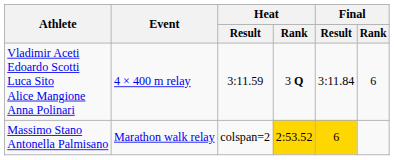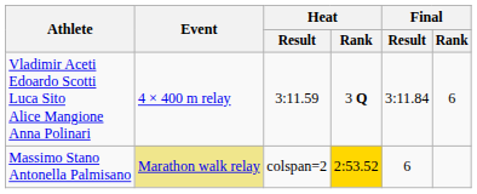 <table class="wikitable" style="font-size:90%">
 <tr>
 <th rowspan="2">Athlete</th>
 <th rowspan="2">Event</th>
 <th colspan="2">Heat</th>
 <th colspan="2">Final</th>
 </tr>
 <tr style="font-size:95%">
 <th>Result</th>
 <th>Rank</th>
 <th>Result</th>
 <th>Rank</th>
 </tr>
 <tr align=center>
 <td align=left><a href='#'>Vladimir Aceti</a><br><a href='#'>Edoardo Scotti</a><br><a href='#'>Luca Sito</a><br><a href='#'>Alice Mangione</a><br><a href='#'>Anna Polinari</a></td>
 <td align=left><a href='#'>4 × 400 m relay</a></td>
 <td>3:11.59</td>
 <td>3 <strong>Q</strong></td>
 <td>3:11.84</td>
 <td>6</td>
 </tr>
 <tr align=center>
 <td align=left><a href='#'>Massimo Stano</a><br><a href='#'>Antonella Palmisano</a></td>
-<td align=left><a href='#'>Marathon walk relay</a></td>
+<td align=left style="background: khaki;"><a href='#'>Marathon walk relay</a></td>
 <td>colspan=2 </td>
 <td style="background: gold;">2:53.52</td>
-<td style="background: gold;">6</td>
+<td>6</td>
 </tr>
 </table>
